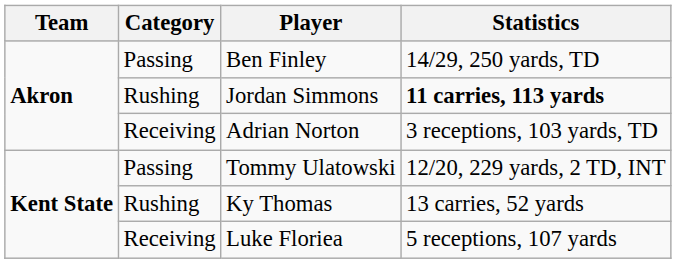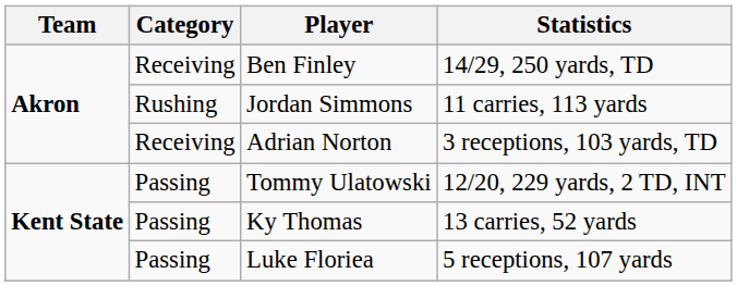 <table class="wikitable" style="float: right;">
 <tr>
 <th>Team</th>
 <th>Category</th>
 <th>Player</th>
 <th>Statistics</th>
 </tr>
 <tr>
 <td rowspan=3><strong>Akron</strong></td>
-<td>Passing</td>
+<td>Receiving</td>
 <td>Ben Finley</td>
 <td>14/29, 250 yards, TD</td>
 </tr>
 <tr>
 <td>Rushing</td>
 <td>Jordan Simmons</td>
-<td><strong>11 carries, 113 yards</strong></td>
+<td>11 carries, 113 yards</td>
 </tr>
 <tr>
 <td>Receiving</td>
 <td>Adrian Norton</td>
 <td>3 receptions, 103 yards, TD</td>
 </tr>
 <tr>
 <td rowspan=3><strong>Kent State</strong></td>
 <td>Passing</td>
 <td>Tommy Ulatowski</td>
 <td>12/20, 229 yards, 2 TD, INT</td>
 </tr>
 <tr>
-<td>Rushing</td>
+<td>Passing</td>
 <td>Ky Thomas</td>
 <td>13 carries, 52 yards</td>
 </tr>
 <tr>
-<td>Receiving</td>
+<td>Passing</td>
 <td>Luke Floriea</td>
 <td>5 receptions, 107 yards</td>
 </tr>
 </table>
